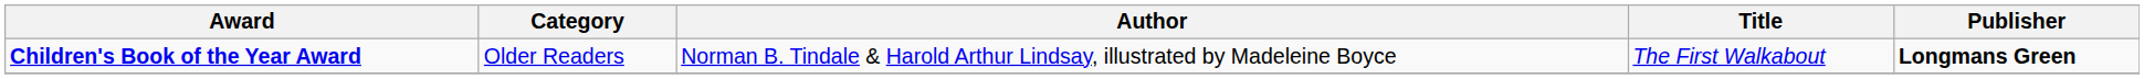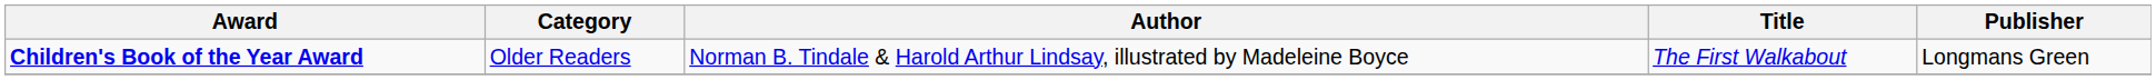 <table class="wikitable" width=100%>
 <tr>
 <th>Award</th>
 <th>Category</th>
 <th>Author</th>
 <th>Title</th>
 <th>Publisher</th>
 </tr>
 <tr>
 <td><strong><a href='#'>Children's Book of the Year Award</a></strong></td>
 <td><a href='#'>Older Readers</a></td>
 <td><a href='#'>Norman B. Tindale</a> & <a href='#'>Harold Arthur Lindsay</a>, illustrated by Madeleine Boyce</td>
 <td><em><a href='#'>The First Walkabout</a></em></td>
-<td><strong>Longmans Green</strong></td>
+<td>Longmans Green</td>
 </tr>
 <tr>
 </tr>
 </table>
